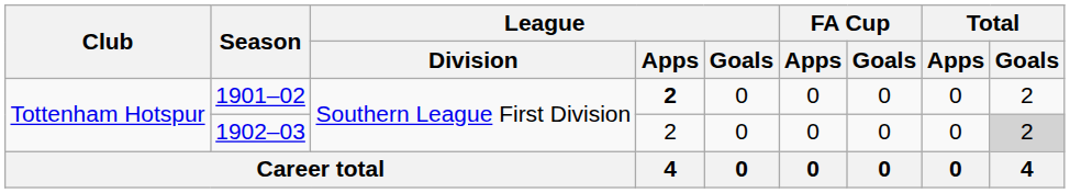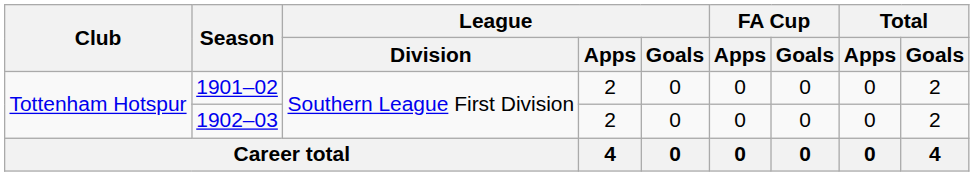 <table class="wikitable" style="text-align: center;">
 <tr>
 <th rowspan="2">Club</th>
 <th rowspan="2">Season</th>
 <th colspan="3">League</th>
 <th colspan="2">FA Cup</th>
 <th colspan="2">Total</th>
 </tr>
 <tr>
 <th>Division</th>
 <th>Apps</th>
 <th>Goals</th>
 <th>Apps</th>
 <th>Goals</th>
 <th>Apps</th>
 <th>Goals</th>
 </tr>
 <tr>
 <td rowspan="2"><a href='#'>Tottenham Hotspur</a></td>
 <td><a href='#'>1901–02</a></td>
 <td rowspan="2"><a href='#'>Southern League</a> First Division</td>
-<td><strong>2</strong></td>
+<td>2</td>
 <td>0</td>
 <td>0</td>
 <td>0</td>
 <td>0</td>
 <td>2</td>
 </tr>
 <tr>
 <td><a href='#'>1902–03</a></td>
 <td>2</td>
 <td>0</td>
 <td>0</td>
 <td>0</td>
 <td>0</td>
-<td style="background: lightgrey;">2</td>
+<td>2</td>
 </tr>
 <tr>
 <th colspan="3">Career total</th>
 <th>4</th>
 <th>0</th>
 <th>0</th>
 <th>0</th>
 <th>0</th>
 <th>4</th>
 </tr>
 </table>
